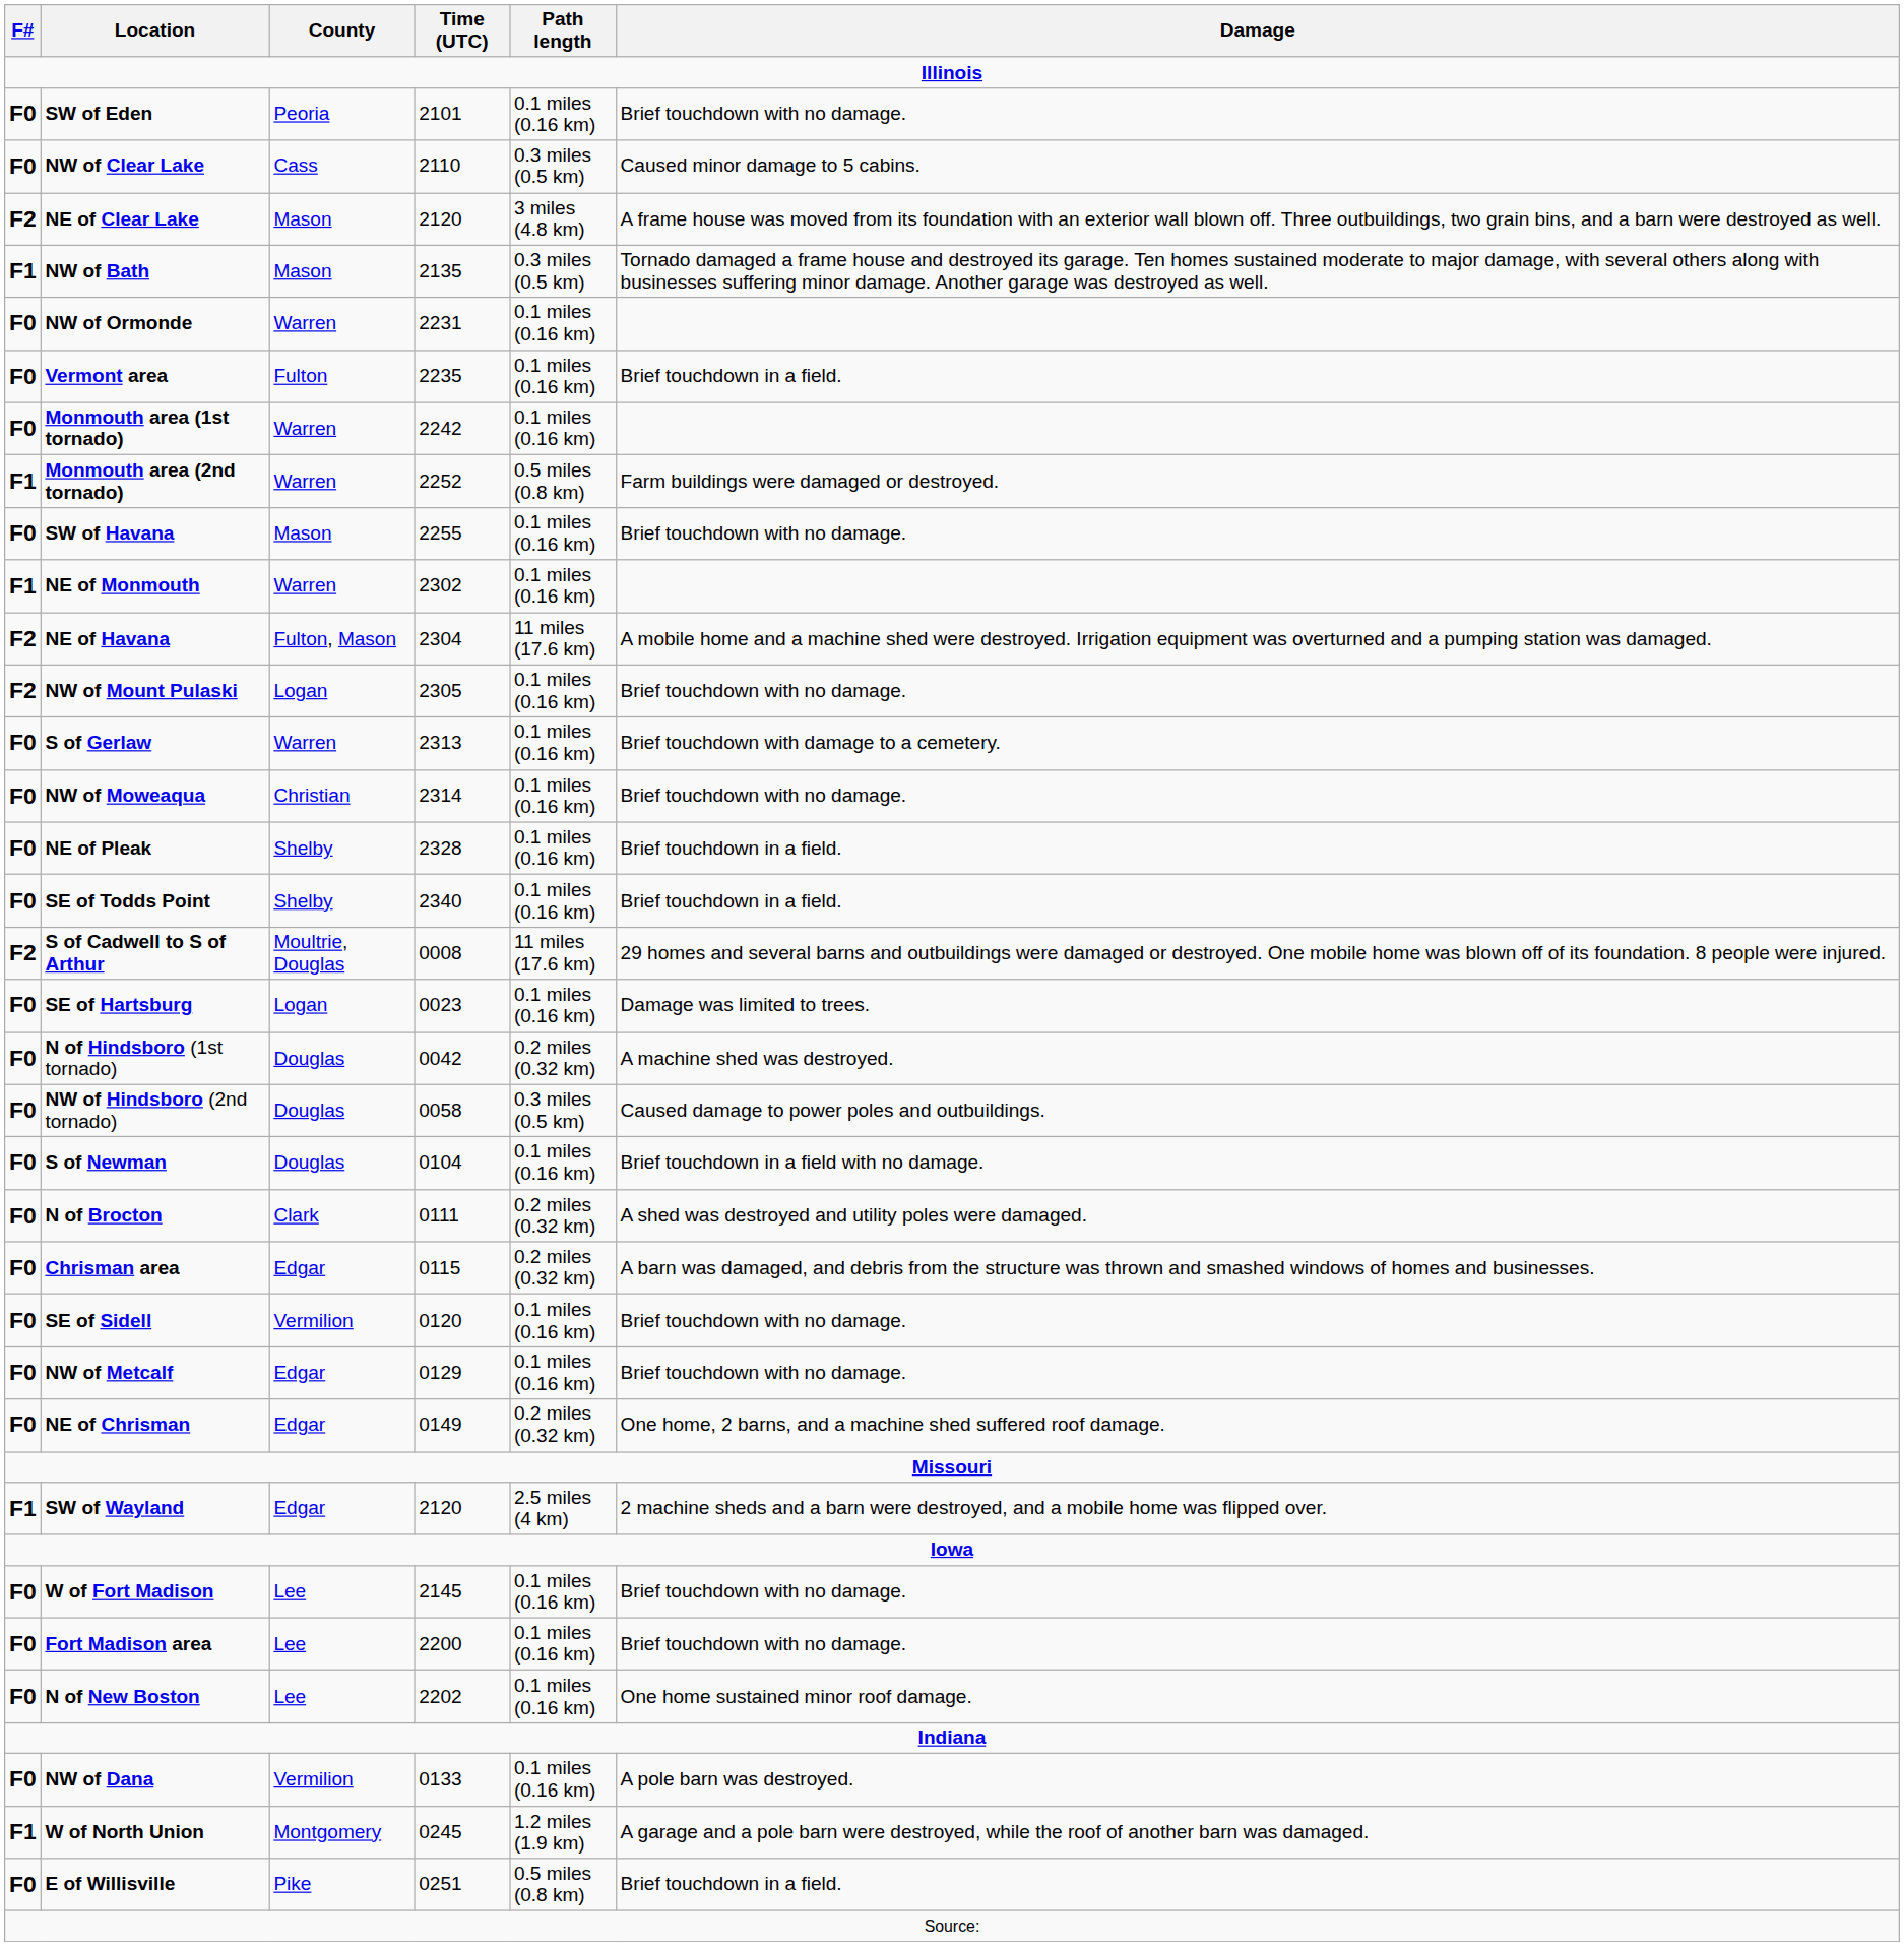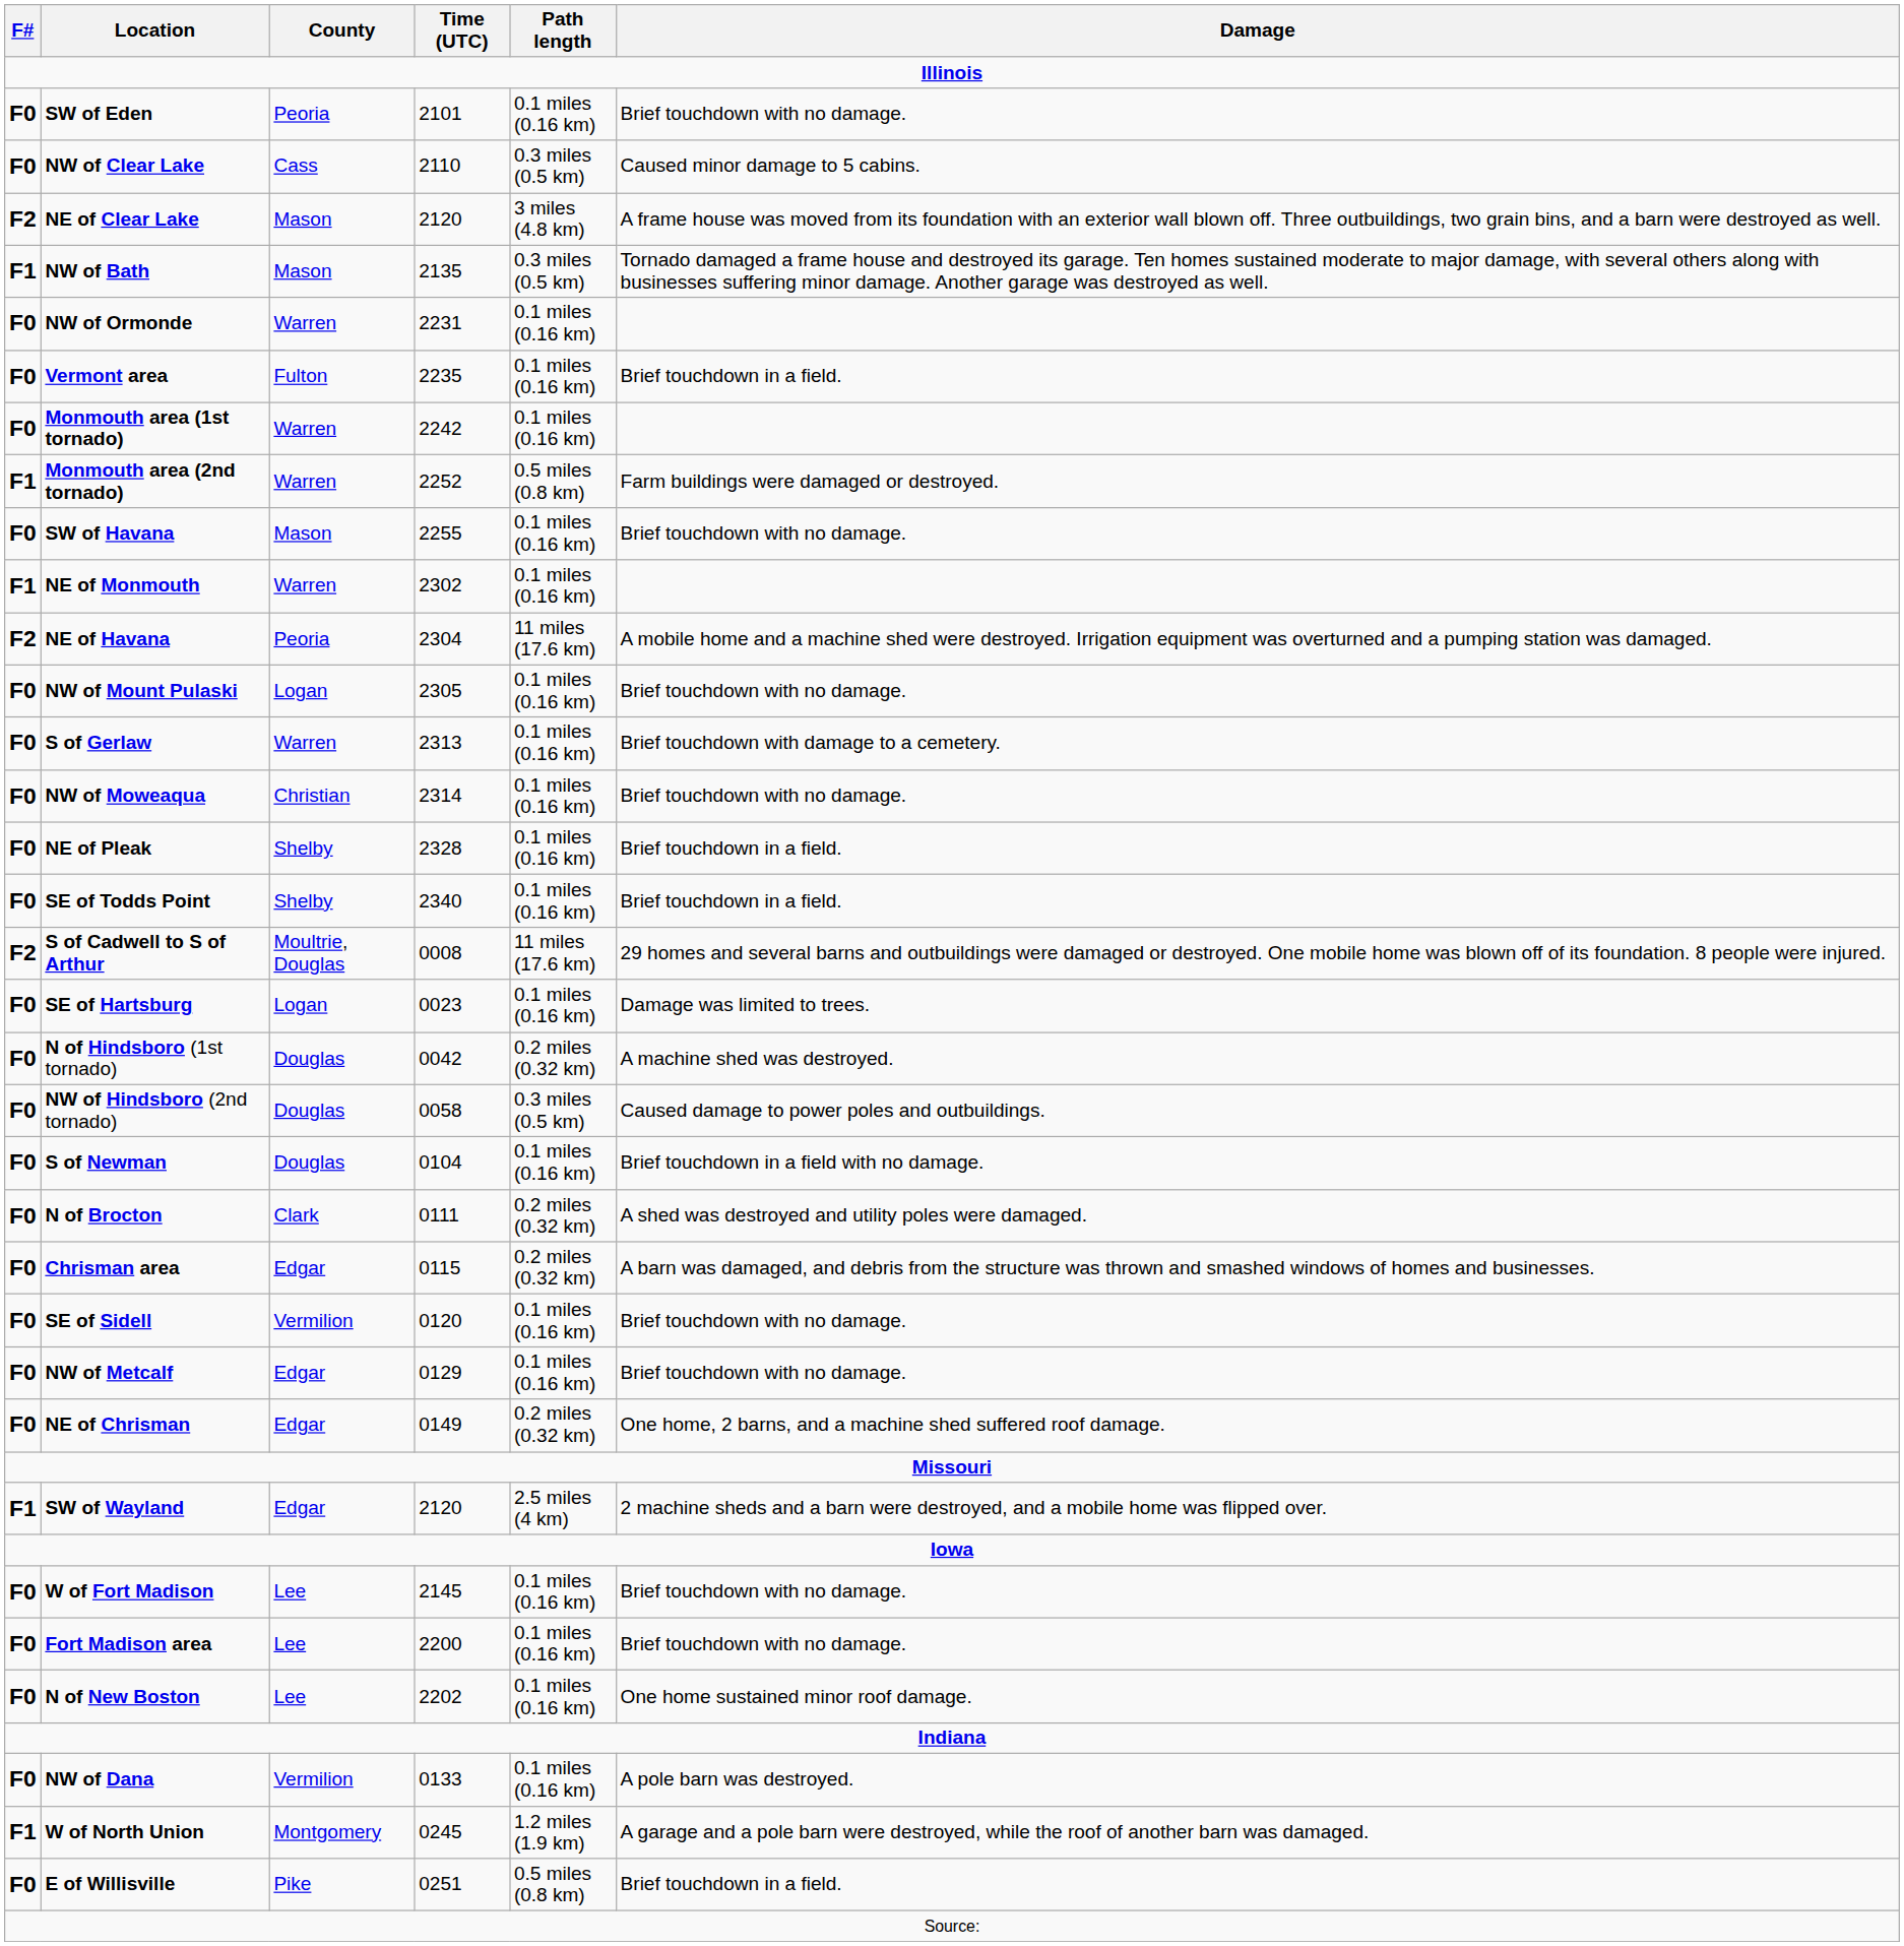 <table class="wikitable">
 <tr>
 <th><strong><a href='#'>F#</a></strong></th>
 <th><strong>Location</strong></th>
 <th><strong>County</strong></th>
 <th><strong>Time (UTC)</strong></th>
 <th><strong>Path length</strong></th>
 <th><strong>Damage</strong></th>
 </tr>
 <tr>
 <td colspan="7" align=center><strong><a href='#'>Illinois</a></strong></td>
 </tr>
 <tr>
 <td><big><strong>F0</strong></big></td>
 <td><strong>SW of Eden</strong></td>
 <td><a href='#'>Peoria</a></td>
 <td>2101</td>
 <td>0.1 miles <br>(0.16 km)</td>
 <td>Brief touchdown with no damage.</td>
 </tr>
 <tr>
 <td><big><strong>F0</strong></big></td>
 <td><strong>NW of <a href='#'>Clear Lake</a></strong></td>
 <td><a href='#'>Cass</a></td>
 <td>2110</td>
 <td>0.3 miles <br>(0.5 km)</td>
 <td>Caused minor damage to 5 cabins.</td>
 </tr>
 <tr>
 <td><big><strong>F2</strong></big></td>
 <td><strong>NE of <a href='#'>Clear Lake</a></strong></td>
 <td><a href='#'>Mason</a></td>
 <td>2120</td>
 <td>3 miles <br>(4.8 km)</td>
 <td>A frame house was moved from its foundation with an exterior wall blown off. Three outbuildings, two grain bins, and a barn were destroyed as well.</td>
 </tr>
 <tr>
 <td><big><strong>F1</strong></big></td>
 <td><strong>NW of <a href='#'>Bath</a></strong></td>
 <td><a href='#'>Mason</a></td>
 <td>2135</td>
 <td>0.3 miles <br>(0.5 km)</td>
 <td>Tornado damaged a frame house and destroyed its garage. Ten homes sustained moderate to major damage, with several others along with businesses suffering minor damage. Another garage was destroyed as well.</td>
 </tr>
 <tr>
 <td><big><strong>F0</strong></big></td>
 <td><strong>NW of Ormonde</strong></td>
 <td><a href='#'>Warren</a></td>
 <td>2231</td>
 <td>0.1 miles <br>(0.16 km)</td>
 <td></td>
 </tr>
 <tr>
 <td><big><strong>F0</strong></big></td>
 <td><strong><a href='#'>Vermont</a> area</strong></td>
 <td><a href='#'>Fulton</a></td>
 <td>2235</td>
 <td>0.1 miles <br>(0.16 km)</td>
 <td>Brief touchdown in a field.</td>
 </tr>
 <tr>
 <td><big><strong>F0</strong></big></td>
 <td><strong><a href='#'>Monmouth</a> area (1st tornado)</strong></td>
 <td><a href='#'>Warren</a></td>
 <td>2242</td>
 <td>0.1 miles <br>(0.16 km)</td>
 <td></td>
 </tr>
 <tr>
 <td><big><strong>F1</strong></big></td>
 <td><strong><a href='#'>Monmouth</a> area (2nd tornado)</strong></td>
 <td><a href='#'>Warren</a></td>
 <td>2252</td>
 <td>0.5 miles <br>(0.8 km)</td>
 <td>Farm buildings were damaged or destroyed.</td>
 </tr>
 <tr>
 <td><big><strong>F0</strong></big></td>
 <td><strong>SW of <a href='#'>Havana</a></strong></td>
 <td><a href='#'>Mason</a></td>
 <td>2255</td>
 <td>0.1 miles <br>(0.16 km)</td>
 <td>Brief touchdown with no damage.</td>
 </tr>
 <tr>
 <td><big><strong>F1</strong></big></td>
 <td><strong>NE of <a href='#'>Monmouth</a></strong></td>
 <td><a href='#'>Warren</a></td>
 <td>2302</td>
 <td>0.1 miles <br>(0.16 km)</td>
 <td></td>
 </tr>
 <tr>
 <td><big><strong>F2</strong></big></td>
 <td><strong>NE of <a href='#'>Havana</a></strong></td>
-<td><a href='#'>Fulton</a>, <a href='#'>Mason</a></td>
+<td><a href='#'>Peoria</a></td>
 <td>2304</td>
 <td>11 miles <br>(17.6 km)</td>
 <td>A mobile home and a machine shed were destroyed. Irrigation equipment was overturned and a pumping station was damaged.</td>
 </tr>
 <tr>
-<td><big><strong>F2</strong></big></td>
+<td><big><strong>F0</strong></big></td>
 <td><strong>NW of <a href='#'>Mount Pulaski</a></strong></td>
 <td><a href='#'>Logan</a></td>
 <td>2305</td>
 <td>0.1 miles <br>(0.16 km)</td>
 <td>Brief touchdown with no damage.</td>
 </tr>
 <tr>
 <td><big><strong>F0</strong></big></td>
 <td><strong>S of <a href='#'>Gerlaw</a></strong></td>
 <td><a href='#'>Warren</a></td>
 <td>2313</td>
 <td>0.1 miles <br>(0.16 km)</td>
 <td>Brief touchdown with damage to a cemetery.</td>
 </tr>
 <tr>
 <td><big><strong>F0</strong></big></td>
 <td><strong>NW of <a href='#'>Moweaqua</a></strong></td>
 <td><a href='#'>Christian</a></td>
 <td>2314</td>
 <td>0.1 miles <br>(0.16 km)</td>
 <td>Brief touchdown with no damage.</td>
 </tr>
 <tr>
 <td><big><strong>F0</strong></big></td>
 <td><strong>NE of Pleak</strong></td>
 <td><a href='#'>Shelby</a></td>
 <td>2328</td>
 <td>0.1 miles <br>(0.16 km)</td>
 <td>Brief touchdown in a field.</td>
 </tr>
 <tr>
 <td><big><strong>F0</strong></big></td>
 <td><strong>SE of Todds Point</strong></td>
 <td><a href='#'>Shelby</a></td>
 <td>2340</td>
 <td>0.1 miles <br>(0.16 km)</td>
 <td>Brief touchdown in a field.</td>
 </tr>
 <tr>
 <td><big><strong>F2</strong></big></td>
 <td><strong>S of Cadwell to S of <a href='#'>Arthur</a></strong></td>
 <td><a href='#'>Moultrie</a>, <a href='#'>Douglas</a></td>
 <td>0008</td>
 <td>11 miles <br>(17.6 km)</td>
 <td>29 homes and several barns and outbuildings were damaged or destroyed. One mobile home was blown off of its foundation. 8 people were injured.</td>
 </tr>
 <tr>
 <td><big><strong>F0</strong></big></td>
 <td><strong>SE of <a href='#'>Hartsburg</a></strong></td>
 <td><a href='#'>Logan</a></td>
 <td>0023</td>
 <td>0.1 miles <br>(0.16 km)</td>
 <td>Damage was limited to trees.</td>
 </tr>
 <tr>
 <td><big><strong>F0</strong></big></td>
 <td><strong>N of <a href='#'>Hindsboro</a></strong> (1st tornado)</td>
 <td><a href='#'>Douglas</a></td>
 <td>0042</td>
 <td>0.2 miles <br>(0.32 km)</td>
 <td>A machine shed was destroyed.</td>
 </tr>
 <tr>
 <td><big><strong>F0</strong></big></td>
 <td><strong>NW of <a href='#'>Hindsboro</a></strong> (2nd tornado)</td>
 <td><a href='#'>Douglas</a></td>
 <td>0058</td>
 <td>0.3 miles <br>(0.5 km)</td>
 <td>Caused damage to power poles and outbuildings.</td>
 </tr>
 <tr>
 <td><big><strong>F0</strong></big></td>
 <td><strong>S of <a href='#'>Newman</a></strong></td>
 <td><a href='#'>Douglas</a></td>
 <td>0104</td>
 <td>0.1 miles <br>(0.16 km)</td>
 <td>Brief touchdown in a field with no damage.</td>
 </tr>
 <tr>
 <td><big><strong>F0</strong></big></td>
 <td><strong>N of <a href='#'>Brocton</a></strong></td>
 <td><a href='#'>Clark</a></td>
 <td>0111</td>
 <td>0.2 miles <br>(0.32 km)</td>
 <td>A shed was destroyed and utility poles were damaged.</td>
 </tr>
 <tr>
 <td><big><strong>F0</strong></big></td>
 <td><strong><a href='#'>Chrisman</a> area</strong></td>
 <td><a href='#'>Edgar</a></td>
 <td>0115</td>
 <td>0.2 miles <br>(0.32 km)</td>
 <td>A barn was damaged, and debris from the structure was thrown and smashed windows of homes and businesses.</td>
 </tr>
 <tr>
 <td><big><strong>F0</strong></big></td>
 <td><strong>SE of <a href='#'>Sidell</a></strong></td>
 <td><a href='#'>Vermilion</a></td>
 <td>0120</td>
 <td>0.1 miles <br>(0.16 km)</td>
 <td>Brief touchdown with no damage.</td>
 </tr>
 <tr>
 <td><big><strong>F0</strong></big></td>
 <td><strong>NW of <a href='#'>Metcalf</a></strong></td>
 <td><a href='#'>Edgar</a></td>
 <td>0129</td>
 <td>0.1 miles <br>(0.16 km)</td>
 <td>Brief touchdown with no damage.</td>
 </tr>
 <tr>
 <td><big><strong>F0</strong></big></td>
 <td><strong>NE of <a href='#'>Chrisman</a></strong></td>
 <td><a href='#'>Edgar</a></td>
 <td>0149</td>
 <td>0.2 miles <br>(0.32 km)</td>
 <td>One home, 2 barns, and a machine shed suffered roof damage.</td>
 </tr>
 <tr>
 <td colspan="7" align=center><strong><a href='#'>Missouri</a></strong></td>
 </tr>
 <tr>
 <td><big><strong>F1</strong></big></td>
 <td><strong>SW of <a href='#'>Wayland</a></strong></td>
 <td><a href='#'>Edgar</a></td>
 <td>2120</td>
 <td>2.5 miles <br>(4 km)</td>
 <td>2 machine sheds and a barn were destroyed, and a mobile home was flipped over.</td>
 </tr>
 <tr>
 <td colspan="7" align=center><strong><a href='#'>Iowa</a></strong></td>
 </tr>
 <tr>
 <td><big><strong>F0</strong></big></td>
 <td><strong>W of <a href='#'>Fort Madison</a></strong></td>
 <td><a href='#'>Lee</a></td>
 <td>2145</td>
 <td>0.1 miles <br>(0.16 km)</td>
 <td>Brief touchdown with no damage.</td>
 </tr>
 <tr>
 <td><big><strong>F0</strong></big></td>
 <td><strong><a href='#'>Fort Madison</a> area</strong></td>
 <td><a href='#'>Lee</a></td>
 <td>2200</td>
 <td>0.1 miles <br>(0.16 km)</td>
 <td>Brief touchdown with no damage.</td>
 </tr>
 <tr>
 <td><big><strong>F0</strong></big></td>
 <td><strong>N of <a href='#'>New Boston</a></strong></td>
 <td><a href='#'>Lee</a></td>
 <td>2202</td>
 <td>0.1 miles <br>(0.16 km)</td>
 <td>One home sustained minor roof damage.</td>
 </tr>
 <tr>
 <td colspan="7" align=center><strong><a href='#'>Indiana</a></strong></td>
 </tr>
 <tr>
 <td><big><strong>F0</strong></big></td>
 <td><strong>NW of <a href='#'>Dana</a></strong></td>
 <td><a href='#'>Vermilion</a></td>
 <td>0133</td>
 <td>0.1 miles <br>(0.16 km)</td>
 <td>A pole barn was destroyed.</td>
 </tr>
 <tr>
 <td><big><strong>F1</strong></big></td>
 <td><strong>W of North Union</strong></td>
 <td><a href='#'>Montgomery</a></td>
 <td>0245</td>
 <td>1.2 miles <br>(1.9 km)</td>
 <td>A garage and a pole barn were destroyed, while the roof of another barn was damaged.</td>
 </tr>
 <tr>
 <td><big><strong>F0</strong></big></td>
 <td><strong>E of Willisville</strong></td>
 <td><a href='#'>Pike</a></td>
 <td>0251</td>
 <td>0.5 miles <br>(0.8 km)</td>
 <td>Brief touchdown in a field.</td>
 </tr>
 <tr>
 <td colspan="7" align=center><small>Source: </small></td>
 </tr>
 <tr>
 </tr>
 </table>
